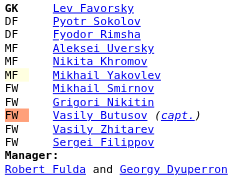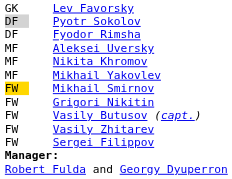 <table cellspacing="0" cellpadding="0" style="font-size:90%; margin:0.2em auto;">
 <tr>
 <th width="25"></th>
 <th width="25"></th>
 </tr>
 <tr>
-<td><strong>GK</strong></td>
+<td>GK</td>
 <td></td>
 <td><a href='#'>Lev Favorsky</a></td>
 </tr>
 <tr>
-<td>DF</td>
+<td style="background: lightgrey;">DF</td>
 <td></td>
 <td><a href='#'>Pyotr Sokolov</a></td>
 </tr>
 <tr>
 <td>DF</td>
 <td></td>
 <td><a href='#'>Fyodor Rimsha</a></td>
 </tr>
 <tr>
 <td>MF</td>
 <td></td>
 <td><a href='#'>Aleksei Uversky</a></td>
 </tr>
 <tr>
 <td>MF</td>
 <td></td>
 <td><a href='#'>Nikita Khromov</a></td>
 </tr>
 <tr>
-<td style="background: lightyellow;">MF</td>
+<td>MF</td>
 <td></td>
 <td><a href='#'>Mikhail Yakovlev</a></td>
 </tr>
 <tr>
-<td>FW</td>
+<td style="background: gold;">FW</td>
 <td></td>
 <td><a href='#'>Mikhail Smirnov</a></td>
 </tr>
 <tr>
 <td>FW</td>
 <td></td>
 <td><a href='#'>Grigori Nikitin</a></td>
 </tr>
 <tr>
-<td style="background: lightsalmon;">FW</td>
+<td>FW</td>
 <td></td>
 <td><a href='#'>Vasily Butusov</a> <em>(<a href='#'>capt.</a>)</em></td>
 </tr>
 <tr>
 <td>FW</td>
 <td></td>
 <td><a href='#'>Vasily Zhitarev</a></td>
 </tr>
 <tr>
 <td>FW</td>
 <td></td>
 <td><a href='#'>Sergei Filippov</a></td>
 </tr>
 <tr>
 <td colspan=3><strong>Manager:</strong></td>
 </tr>
 <tr>
 <td colspan=4> <a href='#'>Robert Fulda</a> and <a href='#'>Georgy Dyuperron</a></td>
 </tr>
 </table>
